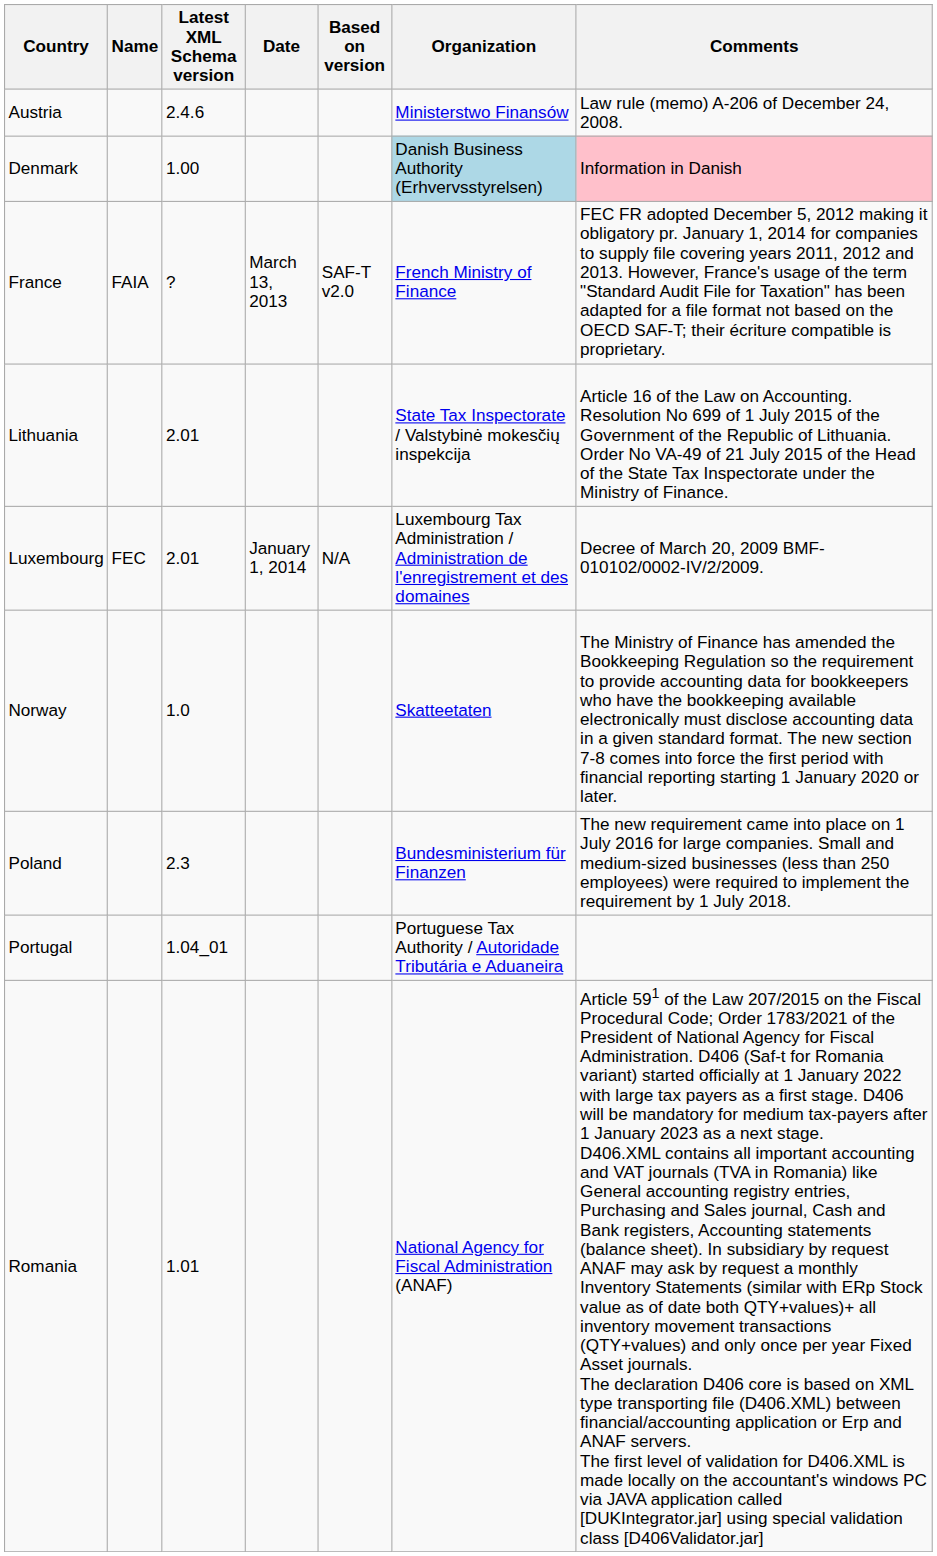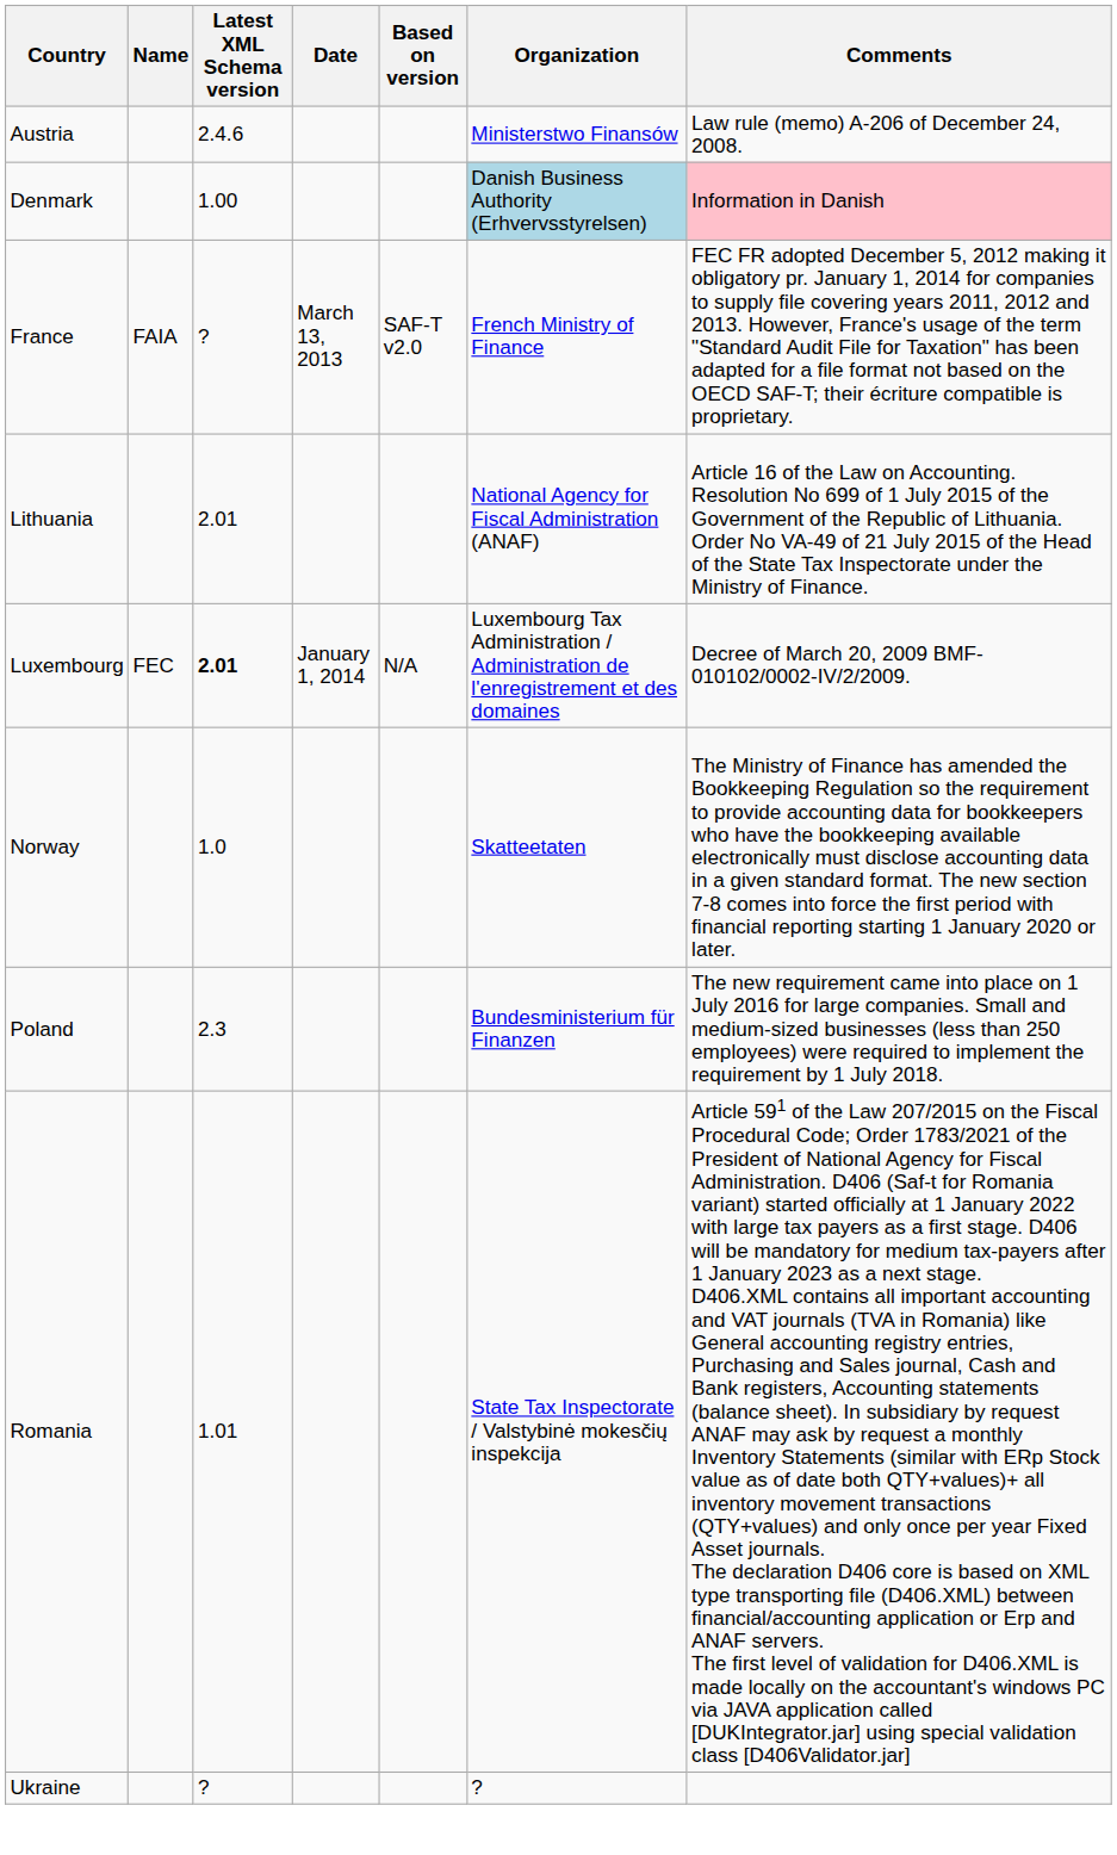 <table class="wikitable">
 <tr>
 <th>Country</th>
 <th>Name</th>
 <th>Latest XML Schema version</th>
 <th>Date</th>
 <th>Based on  version</th>
 <th>Organization</th>
 <th>Comments</th>
 </tr>
 <tr>
 <td>Austria</td>
 <td></td>
 <td>2.4.6</td>
 <td></td>
 <td></td>
 <td><a href='#'>Ministerstwo Finansów</a></td>
 <td>Law rule (memo) A-206 of December 24, 2008.</td>
 </tr>
 <tr>
 <td>Denmark</td>
 <td></td>
 <td>1.00</td>
 <td></td>
 <td></td>
 <td style="background: lightblue;">Danish Business Authority (Erhvervsstyrelsen)</td>
 <td style="background: pink;">Information in Danish </td>
 </tr>
 <tr>
 <td>France</td>
 <td>FAIA</td>
 <td>?</td>
 <td>March 13, 2013</td>
 <td>SAF-T v2.0</td>
 <td><a href='#'>French Ministry of Finance</a></td>
 <td>FEC FR adopted December 5, 2012 making it obligatory pr. January 1, 2014 for companies to supply file covering years 2011, 2012 and 2013. However, France's usage of the term "Standard Audit File for Taxation" has been adapted for a file format not based on the OECD SAF-T; their écriture compatible is proprietary.</td>
 </tr>
 <tr>
 <td>Lithuania</td>
 <td></td>
 <td>2.01</td>
 <td></td>
 <td></td>
-<td><a href='#'>State Tax Inspectorate</a> / Valstybinė mokesčių inspekcija</td>
+<td><a href='#'>National Agency for Fiscal Administration</a> (ANAF)</td>
 <td><br>Article 16 of the Law on Accounting. Resolution No 699 of 1 July 2015 of the Government of the Republic of Lithuania. Order No VA-49 of 21 July 2015 of the Head of the State Tax Inspectorate under the Ministry of Finance. </td>
 </tr>
 <tr>
 <td>Luxembourg</td>
 <td>FEC</td>
-<td>2.01</td>
+<td><strong>2.01</strong></td>
 <td>January 1, 2014</td>
 <td>N/A</td>
 <td>Luxembourg Tax Administration / <a href='#'>Administration de l'enregistrement et des domaines</a></td>
 <td>Decree of March 20, 2009 BMF-010102/0002-IV/2/2009.</td>
 </tr>
 <tr>
 <td>Norway</td>
 <td></td>
 <td>1.0</td>
 <td></td>
 <td></td>
 <td><a href='#'>Skatteetaten</a></td>
 <td><br>The Ministry of Finance has amended the Bookkeeping Regulation so the requirement to provide accounting data for bookkeepers who have the bookkeeping available electronically must disclose accounting data in a given standard format. The new section 7-8 comes into force the first period with financial reporting starting 1 January 2020 or later.</td>
 </tr>
 <tr>
 <td>Poland</td>
 <td></td>
 <td>2.3</td>
 <td></td>
 <td></td>
 <td><a href='#'>Bundesministerium für Finanzen</a></td>
 <td>The new requirement came into place on 1 July 2016 for large companies. Small and medium-sized businesses (less than 250 employees) were required to implement the requirement by 1 July 2018.</td>
 </tr>
 <tr>
-<td>Portugal</td>
-<td></td>
-<td>1.04_01</td>
-<td></td>
-<td></td>
-<td>Portuguese Tax Authority / <a href='#'>Autoridade Tributária e Aduaneira</a></td>
-<td></td>
-</tr>
-<tr>
 <td>Romania</td>
 <td></td>
 <td>1.01</td>
 <td></td>
 <td></td>
-<td><a href='#'>National Agency for Fiscal Administration</a> (ANAF)</td>
+<td><a href='#'>State Tax Inspectorate</a> / Valstybinė mokesčių inspekcija</td>
 <td>Article 59<sup>1</sup> of the Law 207/2015 on the Fiscal Procedural Code; Order 1783/2021 of the President of National Agency for Fiscal Administration. D406 (Saf-t for Romania variant) started officially at 1 January 2022 with large tax payers as a first stage. D406 will be mandatory for medium tax-payers after 1 January 2023 as a next stage.<br>D406.XML contains all important accounting and VAT journals (TVA in Romania) like General accounting registry entries, Purchasing and Sales journal, Cash and Bank registers, Accounting statements (balance sheet). In subsidiary by request ANAF may ask by request a monthly Inventory Statements (similar with ERp Stock value as of date both QTY+values)+ all inventory movement transactions (QTY+values) and only once per year Fixed Asset journals.<br>The declaration D406 core is based on XML type transporting file (D406.XML) between financial/accounting application or Erp and ANAF servers.<br>The first level of validation for D406.XML is made locally on the accountant's windows PC via JAVA application called [DUKIntegrator.jar] using special validation class [D406Validator.jar]</td>
 </tr>
+<tr>
+<td>Ukraine</td>
+<td></td>
+<td>?</td>
+<td></td>
+<td></td>
+<td>?</td>
+<td></td>
+</tr>
 </table>
